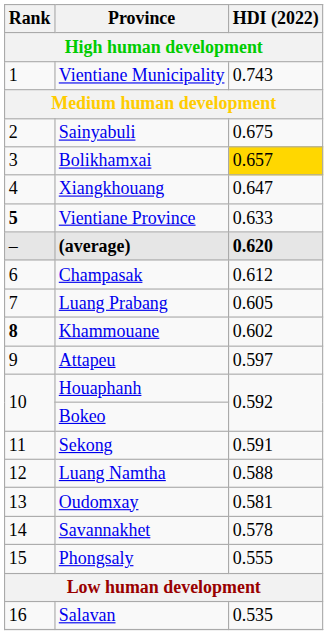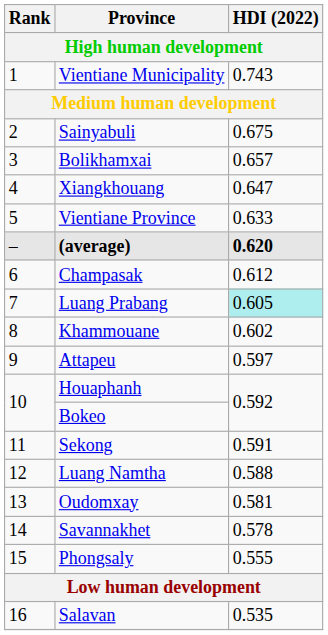 <table class="wikitable sortable">
 <tr>
 <th class="sort">Rank</th>
 <th class="sort">Province</th>
 <th class="sort">HDI (2022)</th>
 </tr>
 <tr>
 <th colspan="3" style="color:#0c0;">High human development</th>
 </tr>
 <tr>
 <td>1</td>
 <td style="text-align:left"><a href='#'>Vientiane Municipality</a></td>
 <td>0.743</td>
 </tr>
 <tr>
 <th colspan="3" style="color:#fc0;">Medium human development</th>
 </tr>
 <tr>
 <td>2</td>
 <td style="text-align:left"><a href='#'>Sainyabuli</a></td>
 <td>0.675</td>
 </tr>
 <tr>
 <td>3</td>
 <td style="text-align:left"><a href='#'>Bolikhamxai</a></td>
-<td style="background: gold;">0.657</td>
+<td>0.657</td>
 </tr>
 <tr>
 <td>4</td>
 <td style="text-align:left"><a href='#'>Xiangkhouang</a></td>
 <td>0.647</td>
 </tr>
 <tr>
-<td><strong>5</strong></td>
+<td>5</td>
 <td style="text-align:left"><a href='#'>Vientiane Province</a></td>
 <td>0.633</td>
 </tr>
 <tr style="background:#e6e6e6">
 <td>–</td>
 <td style="text-align:left"><strong></strong> <strong>(average)</strong></td>
 <td><strong>0.620</strong></td>
 </tr>
 <tr>
 <td>6</td>
 <td style="text-align:left"><a href='#'>Champasak</a></td>
 <td>0.612</td>
 </tr>
 <tr>
 <td>7</td>
 <td style="text-align:left"><a href='#'>Luang Prabang</a></td>
-<td>0.605</td>
+<td style="background: paleturquoise;">0.605</td>
 </tr>
 <tr>
-<td><strong>8</strong></td>
+<td>8</td>
 <td style="text-align:left"><a href='#'>Khammouane</a></td>
 <td>0.602</td>
 </tr>
 <tr>
 <td>9</td>
 <td style="text-align:left"><a href='#'>Attapeu</a></td>
 <td>0.597</td>
 </tr>
 <tr>
 <td rowspan="2">10</td>
 <td style="text-align:left"><a href='#'>Houaphanh</a></td>
 <td rowspan="2">0.592</td>
 </tr>
 <tr>
 <td style="text-align:left"><a href='#'>Bokeo</a></td>
 </tr>
 <tr>
 <td>11</td>
 <td style="text-align:left"><a href='#'>Sekong</a></td>
 <td>0.591</td>
 </tr>
 <tr>
 <td>12</td>
 <td style="text-align:left"><a href='#'>Luang Namtha</a></td>
 <td>0.588</td>
 </tr>
 <tr>
 <td>13</td>
 <td style="text-align:left"><a href='#'>Oudomxay</a></td>
 <td>0.581</td>
 </tr>
 <tr>
 <td>14</td>
 <td style="text-align:left"><a href='#'>Savannakhet</a></td>
 <td>0.578</td>
 </tr>
 <tr>
 <td>15</td>
 <td style="text-align:left"><a href='#'>Phongsaly</a></td>
 <td>0.555</td>
 </tr>
 <tr>
 <th colspan="3" style="color:#900;">Low human development</th>
 </tr>
 <tr>
 <td>16</td>
 <td style="text-align:left"><a href='#'>Salavan</a></td>
 <td>0.535</td>
 </tr>
 <tr>
 </tr>
 </table>
